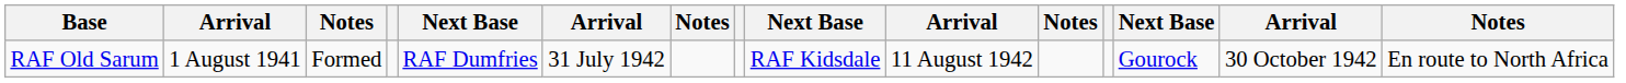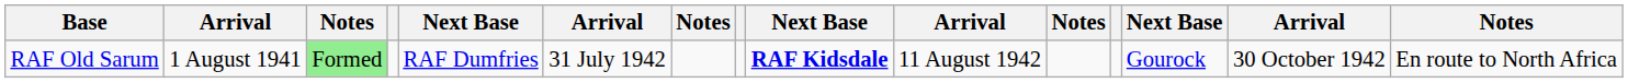 <table class="wikitable">
 <tr>
 <th>Base</th>
 <th>Arrival</th>
 <th>Notes</th>
 <th></th>
 <th>Next Base</th>
 <th>Arrival</th>
 <th>Notes</th>
 <th></th>
 <th>Next Base</th>
 <th>Arrival</th>
 <th>Notes</th>
 <th></th>
 <th>Next Base</th>
 <th>Arrival</th>
 <th>Notes</th>
 </tr>
 <tr>
 <td><a href='#'>RAF Old Sarum</a></td>
 <td>1 August 1941</td>
-<td>Formed</td>
+<td style="background: lightgreen;">Formed</td>
 <td></td>
 <td><a href='#'>RAF Dumfries</a></td>
 <td>31 July 1942</td>
 <td></td>
 <td></td>
-<td><a href='#'>RAF Kidsdale</a></td>
+<td><strong><a href='#'>RAF Kidsdale</a></strong></td>
 <td>11 August 1942</td>
 <td></td>
 <td></td>
 <td><a href='#'>Gourock</a></td>
 <td>30 October 1942</td>
 <td>En route to North Africa</td>
 </tr>
 </table>
